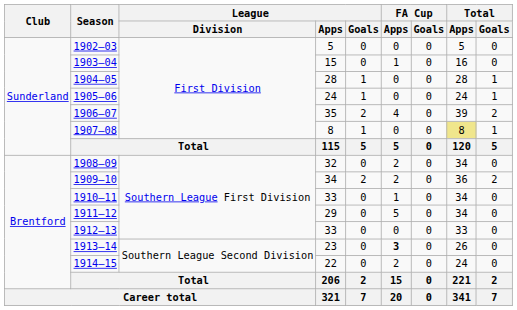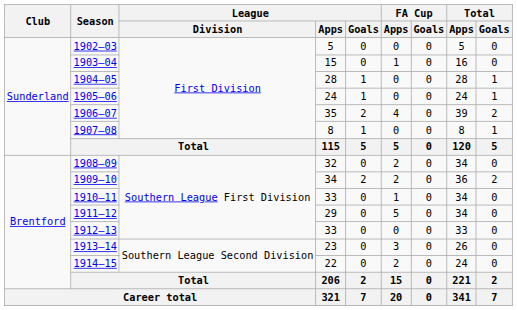 <table class="wikitable" style="text-align: center;">
 <tr>
 <th rowspan="2">Club</th>
 <th rowspan="2">Season</th>
 <th colspan="3">League</th>
 <th colspan="2">FA Cup</th>
 <th colspan="2">Total</th>
 </tr>
 <tr>
 <th>Division</th>
 <th>Apps</th>
 <th>Goals</th>
 <th>Apps</th>
 <th>Goals</th>
 <th>Apps</th>
 <th>Goals</th>
 </tr>
 <tr>
 <td rowspan="7"><a href='#'>Sunderland</a></td>
 <td><a href='#'>1902–03</a></td>
 <td rowspan="6"><a href='#'>First Division</a></td>
 <td>5</td>
 <td>0</td>
 <td>0</td>
 <td>0</td>
 <td>5</td>
 <td>0</td>
 </tr>
 <tr>
 <td><a href='#'>1903–04</a></td>
 <td>15</td>
 <td>0</td>
 <td>1</td>
 <td>0</td>
 <td>16</td>
 <td>0</td>
 </tr>
 <tr>
 <td><a href='#'>1904–05</a></td>
 <td>28</td>
 <td>1</td>
 <td>0</td>
 <td>0</td>
 <td>28</td>
 <td>1</td>
 </tr>
 <tr>
 <td><a href='#'>1905–06</a></td>
 <td>24</td>
 <td>1</td>
 <td>0</td>
 <td>0</td>
 <td>24</td>
 <td>1</td>
 </tr>
 <tr>
 <td><a href='#'>1906–07</a></td>
 <td>35</td>
 <td>2</td>
 <td>4</td>
 <td>0</td>
 <td>39</td>
 <td>2</td>
 </tr>
 <tr>
 <td><a href='#'>1907–08</a></td>
 <td>8</td>
 <td>1</td>
 <td>0</td>
 <td>0</td>
-<td style="background: khaki;">8</td>
+<td>8</td>
 <td>1</td>
 </tr>
 <tr>
 <th colspan="2">Total</th>
 <th>115</th>
 <th>5</th>
 <th>5</th>
 <th>0</th>
 <th>120</th>
 <th>5</th>
 </tr>
 <tr>
 <td rowspan="8"><a href='#'>Brentford</a></td>
 <td><a href='#'>1908–09</a></td>
 <td rowspan="5"><a href='#'>Southern League</a> First Division</td>
 <td>32</td>
 <td>0</td>
 <td>2</td>
 <td>0</td>
 <td>34</td>
 <td>0</td>
 </tr>
 <tr>
 <td><a href='#'>1909–10</a></td>
 <td>34</td>
 <td>2</td>
 <td>2</td>
 <td>0</td>
 <td>36</td>
 <td>2</td>
 </tr>
 <tr>
 <td><a href='#'>1910–11</a></td>
 <td>33</td>
 <td>0</td>
 <td>1</td>
 <td>0</td>
 <td>34</td>
 <td>0</td>
 </tr>
 <tr>
 <td><a href='#'>1911–12</a></td>
 <td>29</td>
 <td>0</td>
 <td>5</td>
 <td>0</td>
 <td>34</td>
 <td>0</td>
 </tr>
 <tr>
 <td><a href='#'>1912–13</a></td>
 <td>33</td>
 <td>0</td>
 <td>0</td>
 <td>0</td>
 <td>33</td>
 <td>0</td>
 </tr>
 <tr>
 <td><a href='#'>1913–14</a></td>
 <td rowspan="2">Southern League Second Division</td>
 <td>23</td>
 <td>0</td>
-<td><strong>3</strong></td>
+<td>3</td>
 <td>0</td>
 <td>26</td>
 <td>0</td>
 </tr>
 <tr>
 <td><a href='#'>1914–15</a></td>
 <td>22</td>
 <td>0</td>
 <td>2</td>
 <td>0</td>
 <td>24</td>
 <td>0</td>
 </tr>
 <tr>
 <th colspan="2">Total</th>
 <th>206</th>
 <th>2</th>
 <th>15</th>
 <th>0</th>
 <th>221</th>
 <th>2</th>
 </tr>
 <tr>
 <th colspan="3">Career total</th>
 <th>321</th>
 <th>7</th>
 <th>20</th>
 <th>0</th>
 <th>341</th>
 <th>7</th>
 </tr>
 </table>
